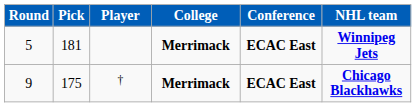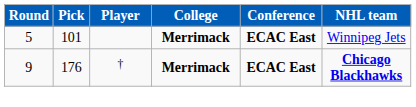 <table class="wikitable sortable" width="75%">
 <tr>
 <th style="color:white; background-color:#005EB8; width: 4em;">Round</th>
 <th style="color:white; background-color:#005EB8; width: 4em;">Pick</th>
 <th style="color:white; background-color:#005EB8; width: 12em;">Player</th>
 <th style="color:white; background-color:#005EB8; width: 13em;">College</th>
 <th style="color:white; background-color:#005EB8; width: 9em;">Conference</th>
 <th style="color:white; background-color:#005EB8; width: 11em;">NHL team</th>
 </tr>
 <tr align="center" bgcolor="">
 <td>5</td>
-<td>181</td>
+<td>101</td>
 <td></td>
 <td><strong>Merrimack</strong></td>
 <td><strong>ECAC East</strong></td>
-<td><strong><a href='#'>Winnipeg Jets</a></strong></td>
+<td><a href='#'>Winnipeg Jets</a></td>
 </tr>
 <tr align="center" bgcolor="">
 <td>9</td>
-<td>175</td>
+<td>176</td>
 <td> <sup>†</sup></td>
 <td><strong>Merrimack</strong></td>
 <td><strong>ECAC East</strong></td>
 <td><strong><a href='#'>Chicago Blackhawks</a></strong></td>
 </tr>
 </table>
